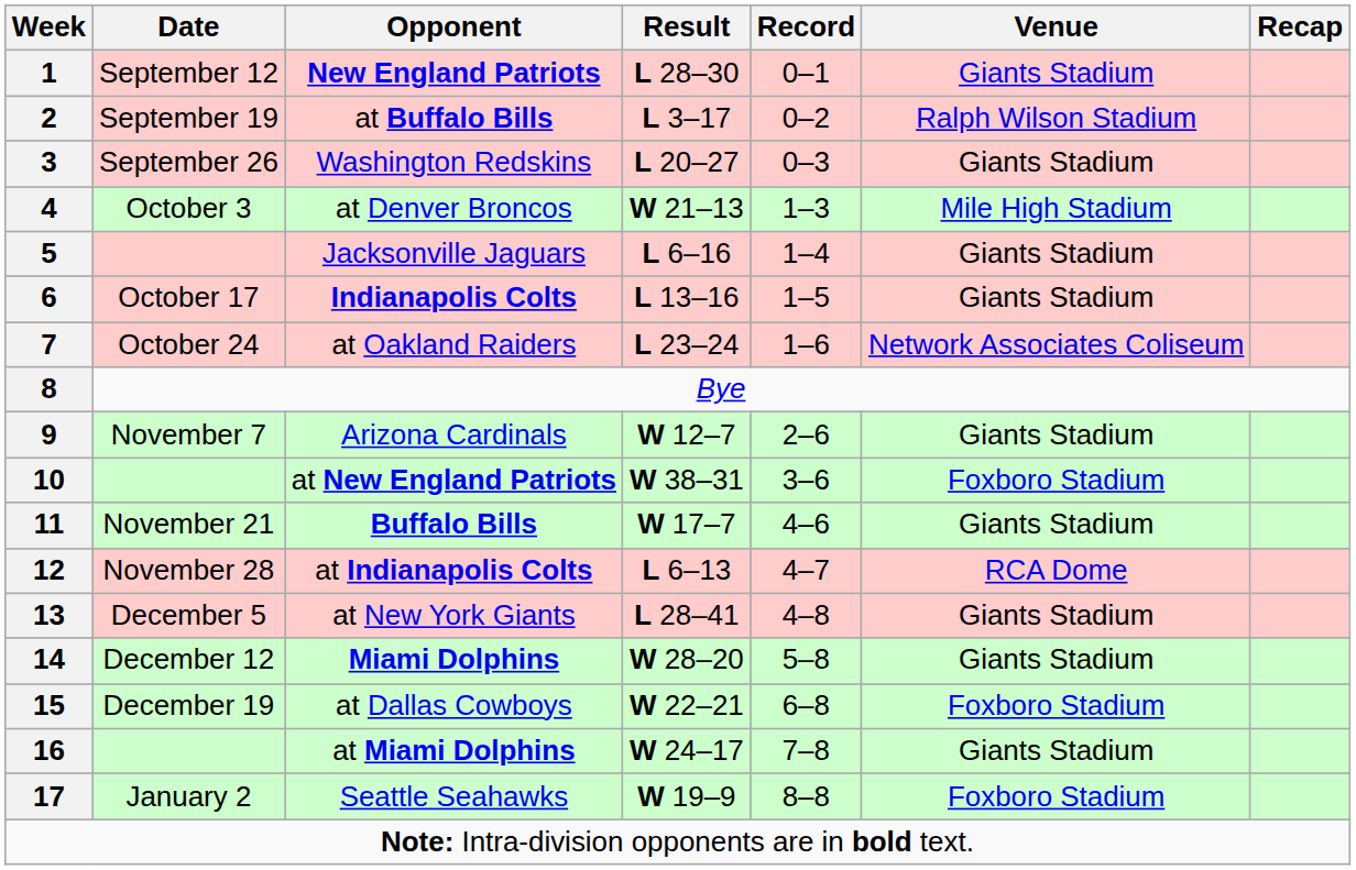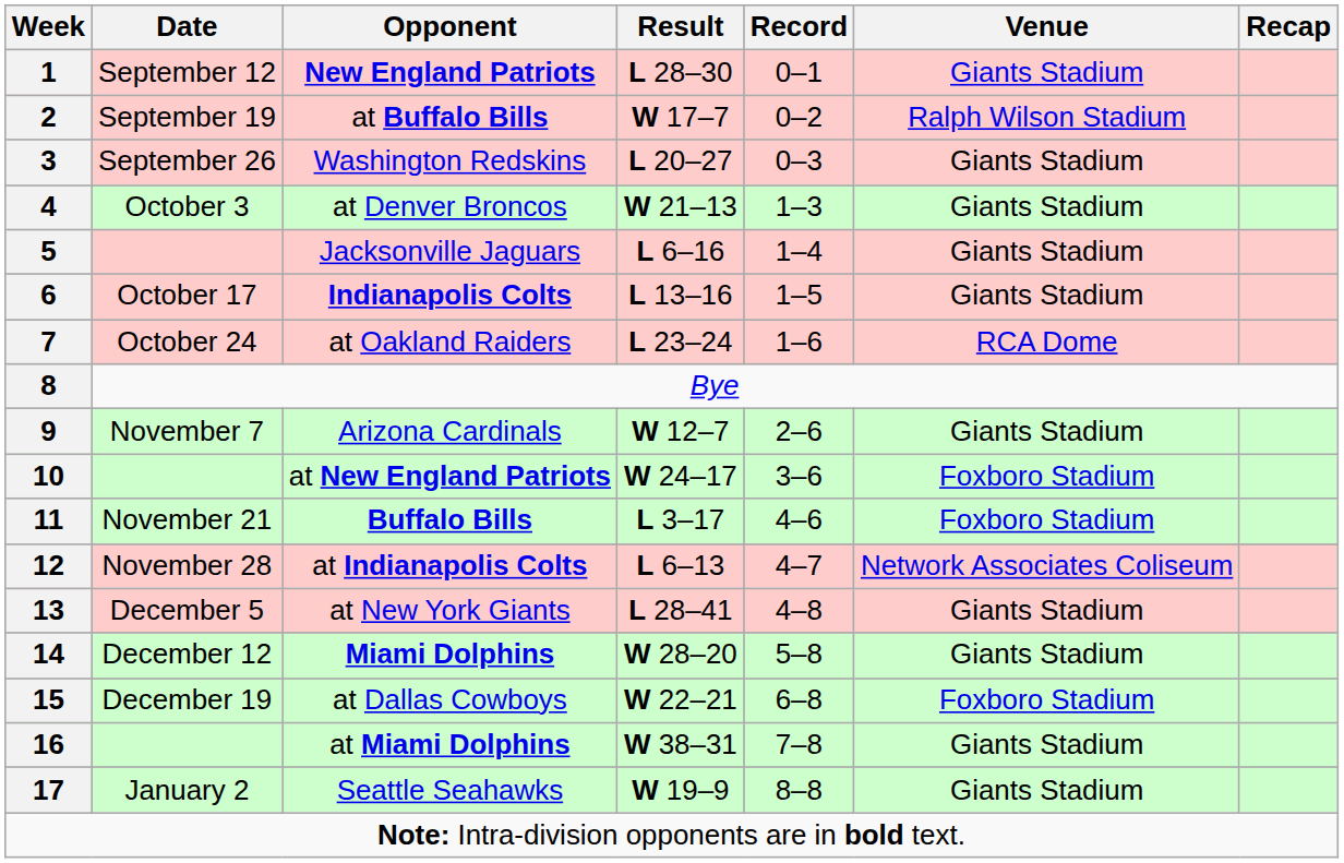 <table class="wikitable" style="text-align:center">
 <tr>
 <th>Week</th>
 <th>Date</th>
 <th>Opponent</th>
 <th>Result</th>
 <th>Record</th>
 <th>Venue</th>
 <th>Recap</th>
 </tr>
 <tr style="background:#fcc">
 <th>1</th>
 <td>September 12</td>
 <td><strong><a href='#'>New England Patriots</a></strong></td>
 <td><strong>L</strong> 28–30</td>
 <td>0–1</td>
 <td><a href='#'>Giants Stadium</a></td>
 <td></td>
 </tr>
 <tr style="background:#fcc">
 <th>2</th>
 <td>September 19</td>
 <td>at <strong><a href='#'>Buffalo Bills</a></strong></td>
-<td><strong>L</strong> 3–17</td>
+<td><strong>W</strong> 17–7</td>
 <td>0–2</td>
 <td><a href='#'>Ralph Wilson Stadium</a></td>
 <td></td>
 </tr>
 <tr style="background:#fcc">
 <th>3</th>
 <td>September 26</td>
 <td><a href='#'>Washington Redskins</a></td>
 <td><strong>L</strong> 20–27</td>
 <td>0–3</td>
 <td>Giants Stadium</td>
 <td></td>
 </tr>
 <tr style="background:#cfc">
 <th>4</th>
 <td>October 3</td>
 <td>at <a href='#'>Denver Broncos</a></td>
 <td><strong>W</strong> 21–13</td>
 <td>1–3</td>
-<td><a href='#'>Mile High Stadium</a></td>
+<td>Giants Stadium</td>
 <td></td>
 </tr>
 <tr style="background:#fcc">
 <th>5</th>
 <td></td>
 <td><a href='#'>Jacksonville Jaguars</a></td>
 <td><strong>L</strong> 6–16</td>
 <td>1–4</td>
 <td>Giants Stadium</td>
 <td></td>
 </tr>
 <tr style="background:#fcc">
 <th>6</th>
 <td>October 17</td>
 <td><strong><a href='#'>Indianapolis Colts</a></strong></td>
 <td><strong>L</strong> 13–16</td>
 <td>1–5</td>
 <td>Giants Stadium</td>
 <td></td>
 </tr>
 <tr style="background:#fcc">
 <th>7</th>
 <td>October 24</td>
 <td>at <a href='#'>Oakland Raiders</a></td>
 <td><strong>L</strong> 23–24</td>
 <td>1–6</td>
-<td><a href='#'>Network Associates Coliseum</a></td>
+<td><a href='#'>RCA Dome</a></td>
 <td></td>
 </tr>
 <tr>
 <th>8</th>
 <td colspan="6"><em><a href='#'>Bye</a></em></td>
 </tr>
 <tr style="background:#cfc">
 <th>9</th>
 <td>November 7</td>
 <td><a href='#'>Arizona Cardinals</a></td>
 <td><strong>W</strong> 12–7</td>
 <td>2–6</td>
 <td>Giants Stadium</td>
 <td></td>
 </tr>
 <tr style="background:#cfc">
 <th>10</th>
 <td></td>
 <td>at <strong><a href='#'>New England Patriots</a></strong></td>
-<td><strong>W</strong> 38–31</td>
+<td><strong>W</strong> 24–17</td>
 <td>3–6</td>
 <td><a href='#'>Foxboro Stadium</a></td>
 <td></td>
 </tr>
 <tr style="background:#cfc">
 <th>11</th>
 <td>November 21</td>
 <td><strong><a href='#'>Buffalo Bills</a></strong></td>
-<td><strong>W</strong> 17–7</td>
+<td><strong>L</strong> 3–17</td>
 <td>4–6</td>
-<td>Giants Stadium</td>
+<td><a href='#'>Foxboro Stadium</a></td>
 <td></td>
 </tr>
 <tr style="background:#fcc">
 <th>12</th>
 <td>November 28</td>
 <td>at <strong><a href='#'>Indianapolis Colts</a></strong></td>
 <td><strong>L</strong> 6–13</td>
 <td>4–7</td>
-<td><a href='#'>RCA Dome</a></td>
+<td><a href='#'>Network Associates Coliseum</a></td>
 <td></td>
 </tr>
 <tr style="background:#fcc">
 <th>13</th>
 <td>December 5</td>
 <td>at <a href='#'>New York Giants</a></td>
 <td><strong>L</strong> 28–41</td>
 <td>4–8</td>
 <td>Giants Stadium</td>
 <td></td>
 </tr>
 <tr style="background:#cfc">
 <th>14</th>
 <td>December 12</td>
 <td><strong><a href='#'>Miami Dolphins</a></strong></td>
 <td><strong>W</strong> 28–20</td>
 <td>5–8</td>
 <td>Giants Stadium</td>
 <td></td>
 </tr>
 <tr style="background:#cfc">
 <th>15</th>
 <td>December 19</td>
 <td>at <a href='#'>Dallas Cowboys</a></td>
 <td><strong>W</strong> 22–21</td>
 <td>6–8</td>
 <td><a href='#'>Foxboro Stadium</a></td>
 <td></td>
 </tr>
 <tr style="background:#cfc">
 <th>16</th>
 <td></td>
 <td>at <strong><a href='#'>Miami Dolphins</a></strong></td>
-<td><strong>W</strong> 24–17</td>
+<td><strong>W</strong> 38–31</td>
 <td>7–8</td>
 <td>Giants Stadium</td>
 <td></td>
 </tr>
 <tr style="background:#cfc">
 <th>17</th>
 <td>January 2</td>
 <td><a href='#'>Seattle Seahawks</a></td>
 <td><strong>W</strong> 19–9</td>
 <td>8–8</td>
-<td><a href='#'>Foxboro Stadium</a></td>
+<td>Giants Stadium</td>
 <td></td>
 </tr>
 <tr>
 <td colspan="8"><strong>Note:</strong> Intra-division opponents are in <strong>bold</strong> text.</td>
 </tr>
 </table>
